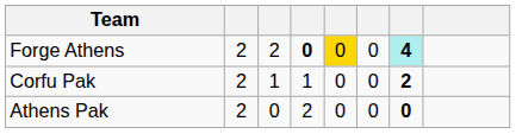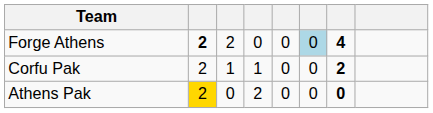 <table class="wikitable" style="text-align:center">
 <tr>
 <th style="width:175px;">Team</th>
 <th style="width:20px;"></th>
 <th style="width:20px;"></th>
 <th style="width:20px;"></th>
 <th style="width:20px;"></th>
 <th style="width:20px;"></th>
 <th style="width:20px;"></th>
 <th style="width:65px;"></th>
 </tr>
 <tr>
 <td style="text-align:left">Forge Athens</td>
+<td><strong>2</strong></td>
 <td>2</td>
-<td>2</td>
-<td><strong>0</strong></td>
-<td style="background: gold;">0</td>
 <td>0</td>
-<td style="background: paleturquoise;"><strong>4</strong></td>
+<td>0</td>
+<td style="background: lightblue;">0</td>
+<td><strong>4</strong></td>
 <td></td>
 </tr>
 <tr>
 <td style="text-align:left">Corfu Pak</td>
 <td>2</td>
 <td>1</td>
 <td>1</td>
 <td>0</td>
 <td>0</td>
 <td><strong>2</strong></td>
 <td></td>
 </tr>
 <tr>
 <td style="text-align:left">Athens Pak</td>
-<td>2</td>
+<td style="background: gold;">2</td>
 <td>0</td>
 <td>2</td>
 <td>0</td>
 <td>0</td>
 <td><strong>0</strong></td>
 <td></td>
 </tr>
 </table>
